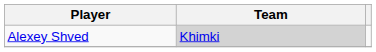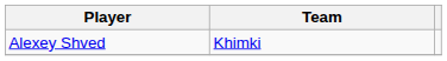 <table class="wikitable" style="text-align: center;">
 <tr>
 <th style="width:200px;">Player</th>
 <th style="width:220px;">Team</th>
 <th></th>
 </tr>
 <tr>
 <td align="left"> <a href='#'>Alexey Shved</a></td>
-<td align="left" style="background: lightgrey;"> <a href='#'>Khimki</a></td>
+<td align="left"> <a href='#'>Khimki</a></td>
 <td></td>
 </tr>
 <tr>
 </tr>
 </table>
